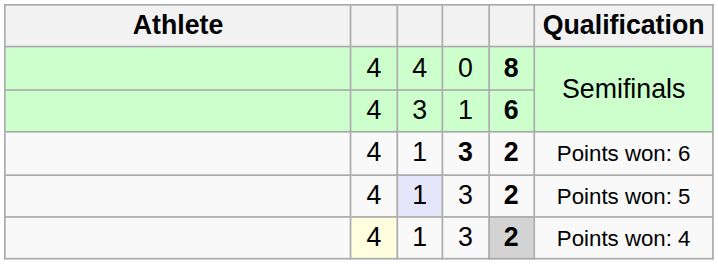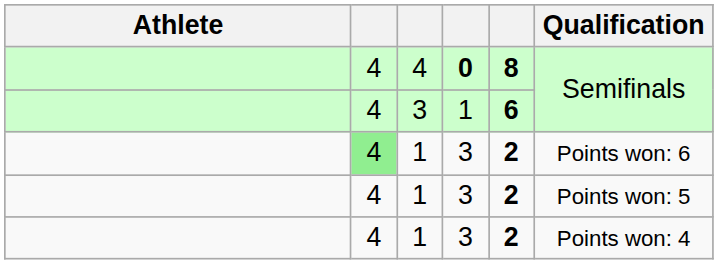 <table class="wikitable" style="text-align:center">
 <tr>
 <th width=200>Athlete</th>
 <th width=20></th>
 <th width=20></th>
 <th width=20></th>
 <th width=20></th>
 <th width=100>Qualification</th>
 </tr>
 <tr bgcolor="#ccffcc">
 <td style="text-align:left;"></td>
 <td>4</td>
 <td>4</td>
-<td>0</td>
+<td><strong>0</strong></td>
 <td><strong>8</strong></td>
 <td rowspan="2">Semifinals</td>
 </tr>
 <tr bgcolor="#ccffcc">
 <td style="text-align:left;"></td>
 <td>4</td>
 <td>3</td>
 <td>1</td>
 <td><strong>6</strong></td>
 </tr>
 <tr>
 <td style="text-align:left;"></td>
-<td>4</td>
+<td style="background: lightgreen;">4</td>
 <td>1</td>
-<td><strong>3</strong></td>
+<td>3</td>
 <td><strong>2</strong></td>
 <td><small>Points won: 6</small></td>
 </tr>
 <tr>
 <td style="text-align:left;"></td>
 <td>4</td>
-<td style="background: lavender;">1</td>
+<td>1</td>
 <td>3</td>
 <td><strong>2</strong></td>
 <td><small>Points won: 5</small></td>
 </tr>
 <tr>
 <td style="text-align:left;"></td>
-<td style="background: lightyellow;">4</td>
+<td>4</td>
 <td>1</td>
 <td>3</td>
-<td style="background: lightgrey;"><strong>2</strong></td>
+<td><strong>2</strong></td>
 <td><small>Points won: 4</small></td>
 </tr>
 </table>
